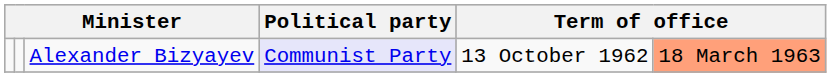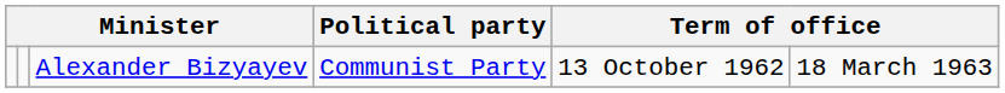 <table class="wikitable" style="text-align:center;">
 <tr>
 <th colspan=3>Minister</th>
 <th>Political party</th>
 <th colspan=2>Term of office</th>
 </tr>
 <tr>
 <td style="background: "></td>
 <td></td>
 <td><a href='#'>Alexander Bizyayev</a></td>
-<td style="background: lavender;"><a href='#'>Communist Party</a></td>
+<td><a href='#'>Communist Party</a></td>
 <td>13 October 1962</td>
-<td style="background: lightsalmon;">18 March 1963</td>
+<td>18 March 1963</td>
 </tr>
 </table>
